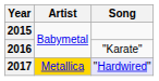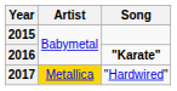 <table class="wikitable mw-collapsible mw-collapsed" style="font-size:small; text-align:center">
 <tr>
 <th>Year</th>
 <th>Artist</th>
 <th>Song</th>
 </tr>
 <tr>
 <th>2015</th>
 <td rowspan="2"><a href='#'>Babymetal</a></td>
 <td></td>
 </tr>
 <tr>
 <th>2016</th>
-<td>"Karate"</td>
+<td><strong>"Karate"</strong></td>
 </tr>
 <tr>
 <th>2017</th>
 <td style="background: gold;"><a href='#'>Metallica</a></td>
-<td style="background: lavender;">"<a href='#'>Hardwired</a>"</td>
+<td>"<a href='#'>Hardwired</a>"</td>
 </tr>
 </table>
